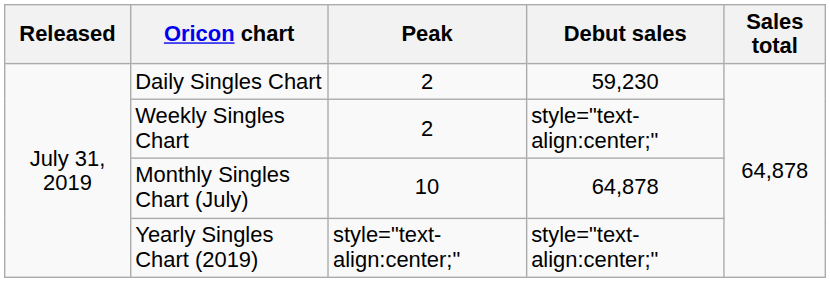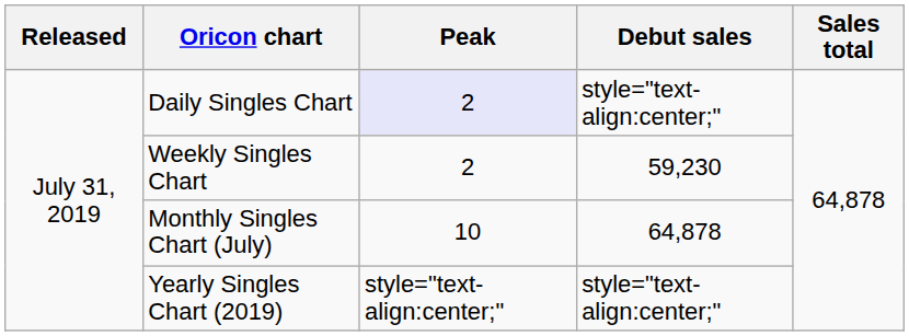 <table class="wikitable" style="width:600px;">
 <tr>
 <th style="text-align:center;">Released</th>
 <th style="text-align:center;"><a href='#'>Oricon</a> chart</th>
 <th style="text-align:center;">Peak</th>
 <th style="text-align:center;">Debut sales</th>
 <th style="text-align:center;">Sales total</th>
 </tr>
 <tr>
 <td style="text-align:center;" rowspan="4">July 31, 2019</td>
 <td align="left">Daily Singles Chart</td>
-<td style="text-align:center;">2</td>
-<td style="text-align:center;">59,230</td>
+<td style="background: lavender; text-align:center;">2</td>
+<td>style="text-align:center;" </td>
 <td style="text-align:center;" rowspan="4">64,878</td>
 </tr>
 <tr>
 <td align="left">Weekly Singles Chart</td>
 <td style="text-align:center;">2</td>
-<td>style="text-align:center;" </td>
+<td style="text-align:center;">59,230</td>
 </tr>
 <tr>
 <td align="left">Monthly Singles Chart (July)</td>
 <td style="text-align:center;">10</td>
 <td style="text-align:center;">64,878</td>
 </tr>
 <tr>
 <td align="left">Yearly Singles Chart (2019)</td>
 <td>style="text-align:center;" </td>
 <td>style="text-align:center;" </td>
 </tr>
 </table>
